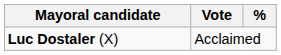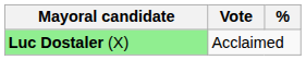 <table class="wikitable">
 <tr>
 <th bgcolor="#DDDDFF" width="200px">Mayoral candidate</th>
 <th bgcolor="#DDDDFF" width="50px">Vote</th>
 <th bgcolor="#DDDDFF" width="30px">%</th>
 </tr>
 <tr>
-<td><strong>Luc Dostaler</strong> (X)</td>
+<td style="background: lightgreen;"><strong>Luc Dostaler</strong> (X)</td>
 <td colspan="2">Acclaimed</td>
 </tr>
 </table>
